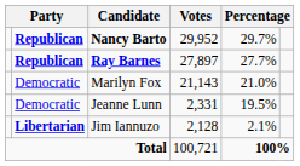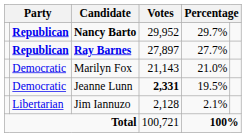 <table class="wikitable" style="text-align:right;">
 <tr style="background-color:#E9E9E9;text-align:center;">
 <th colspan=2>Party</th>
 <th>Candidate</th>
 <th>Votes</th>
 <th colspan=2>Percentage</th>
 </tr>
 <tr>
 <td style="background-color:"></td>
 <td style="text-align:left;"><strong><a href='#'>Republican</a></strong></td>
 <td style="text-align:left;"><strong>Nancy Barto</strong></td>
 <td style="text-align:right;">29,952</td>
 <td style="text-align:right;">29.7%</td>
 <td style="text-align:right;"><div><div> </div></div></td>
 </tr>
 <tr>
 <td style="background-color:"></td>
 <td style="text-align:left;"><strong><a href='#'>Republican</a></strong></td>
 <td style="text-align:left;"><strong><a href='#'>Ray Barnes</a></strong></td>
 <td style="text-align:right;">27,897</td>
 <td style="text-align:right;">27.7%</td>
 <td style="text-align:right;"><div><div> </div></div></td>
 </tr>
 <tr>
 <td style="background-color:"></td>
 <td style="text-align:left;"><a href='#'>Democratic</a></td>
 <td style="text-align:left;">Marilyn Fox</td>
 <td style="text-align:right;">21,143</td>
 <td style="text-align:right;">21.0%</td>
 <td style="text-align:right;"><div><div> </div></div></td>
 </tr>
 <tr>
 <td style="background-color:"></td>
 <td style="text-align:left;"><a href='#'>Democratic</a></td>
 <td style="text-align:left;">Jeanne Lunn</td>
-<td style="text-align:right;">2,331</td>
+<td style="text-align:right;"><strong>2,331</strong></td>
 <td style="text-align:right;">19.5%</td>
 <td style="text-align:right;"><div><div> </div></div></td>
 </tr>
 <tr>
 <td style="background-color:"></td>
-<td style="text-align:left;"><strong><a href='#'>Libertarian</a></strong></td>
+<td style="text-align:left;"><a href='#'>Libertarian</a></td>
 <td style="text-align:left;">Jim Iannuzo</td>
 <td style="text-align:right;">2,128</td>
 <td style="text-align:right;">2.1%</td>
 <td style="text-align:right;"><div><div> </div></div></td>
 </tr>
 <tr>
 <td colspan="3" style="text-align:right;"><strong>Total</strong></td>
 <td style="text-align:right;">100,721</td>
 <td style="text-align:right;" colspan=2><strong>100%</strong></td>
 </tr>
 </table>
